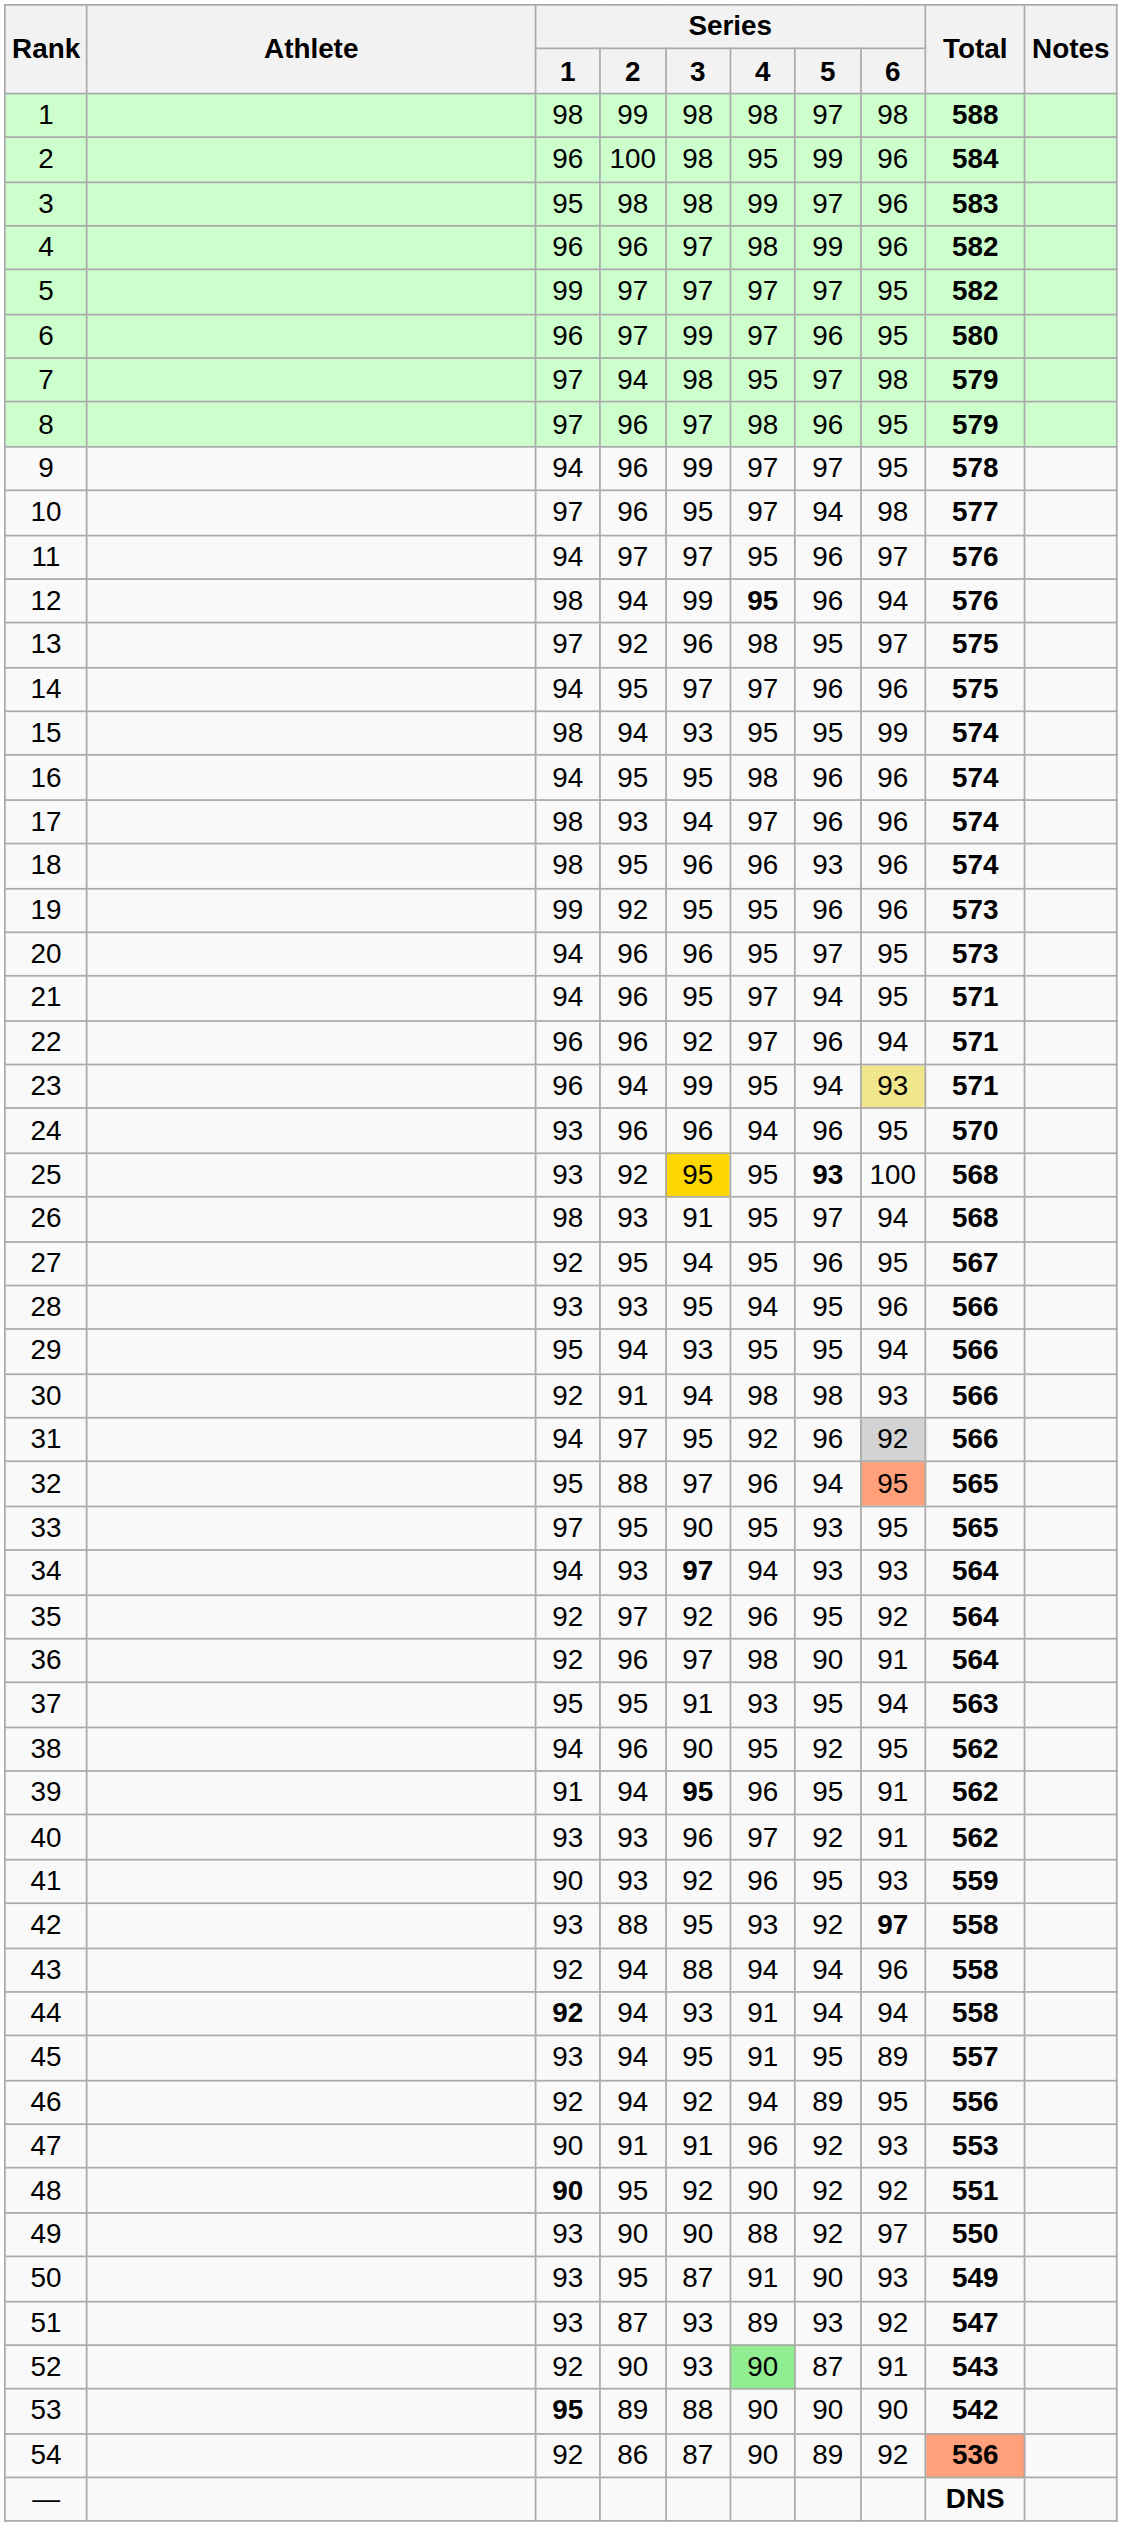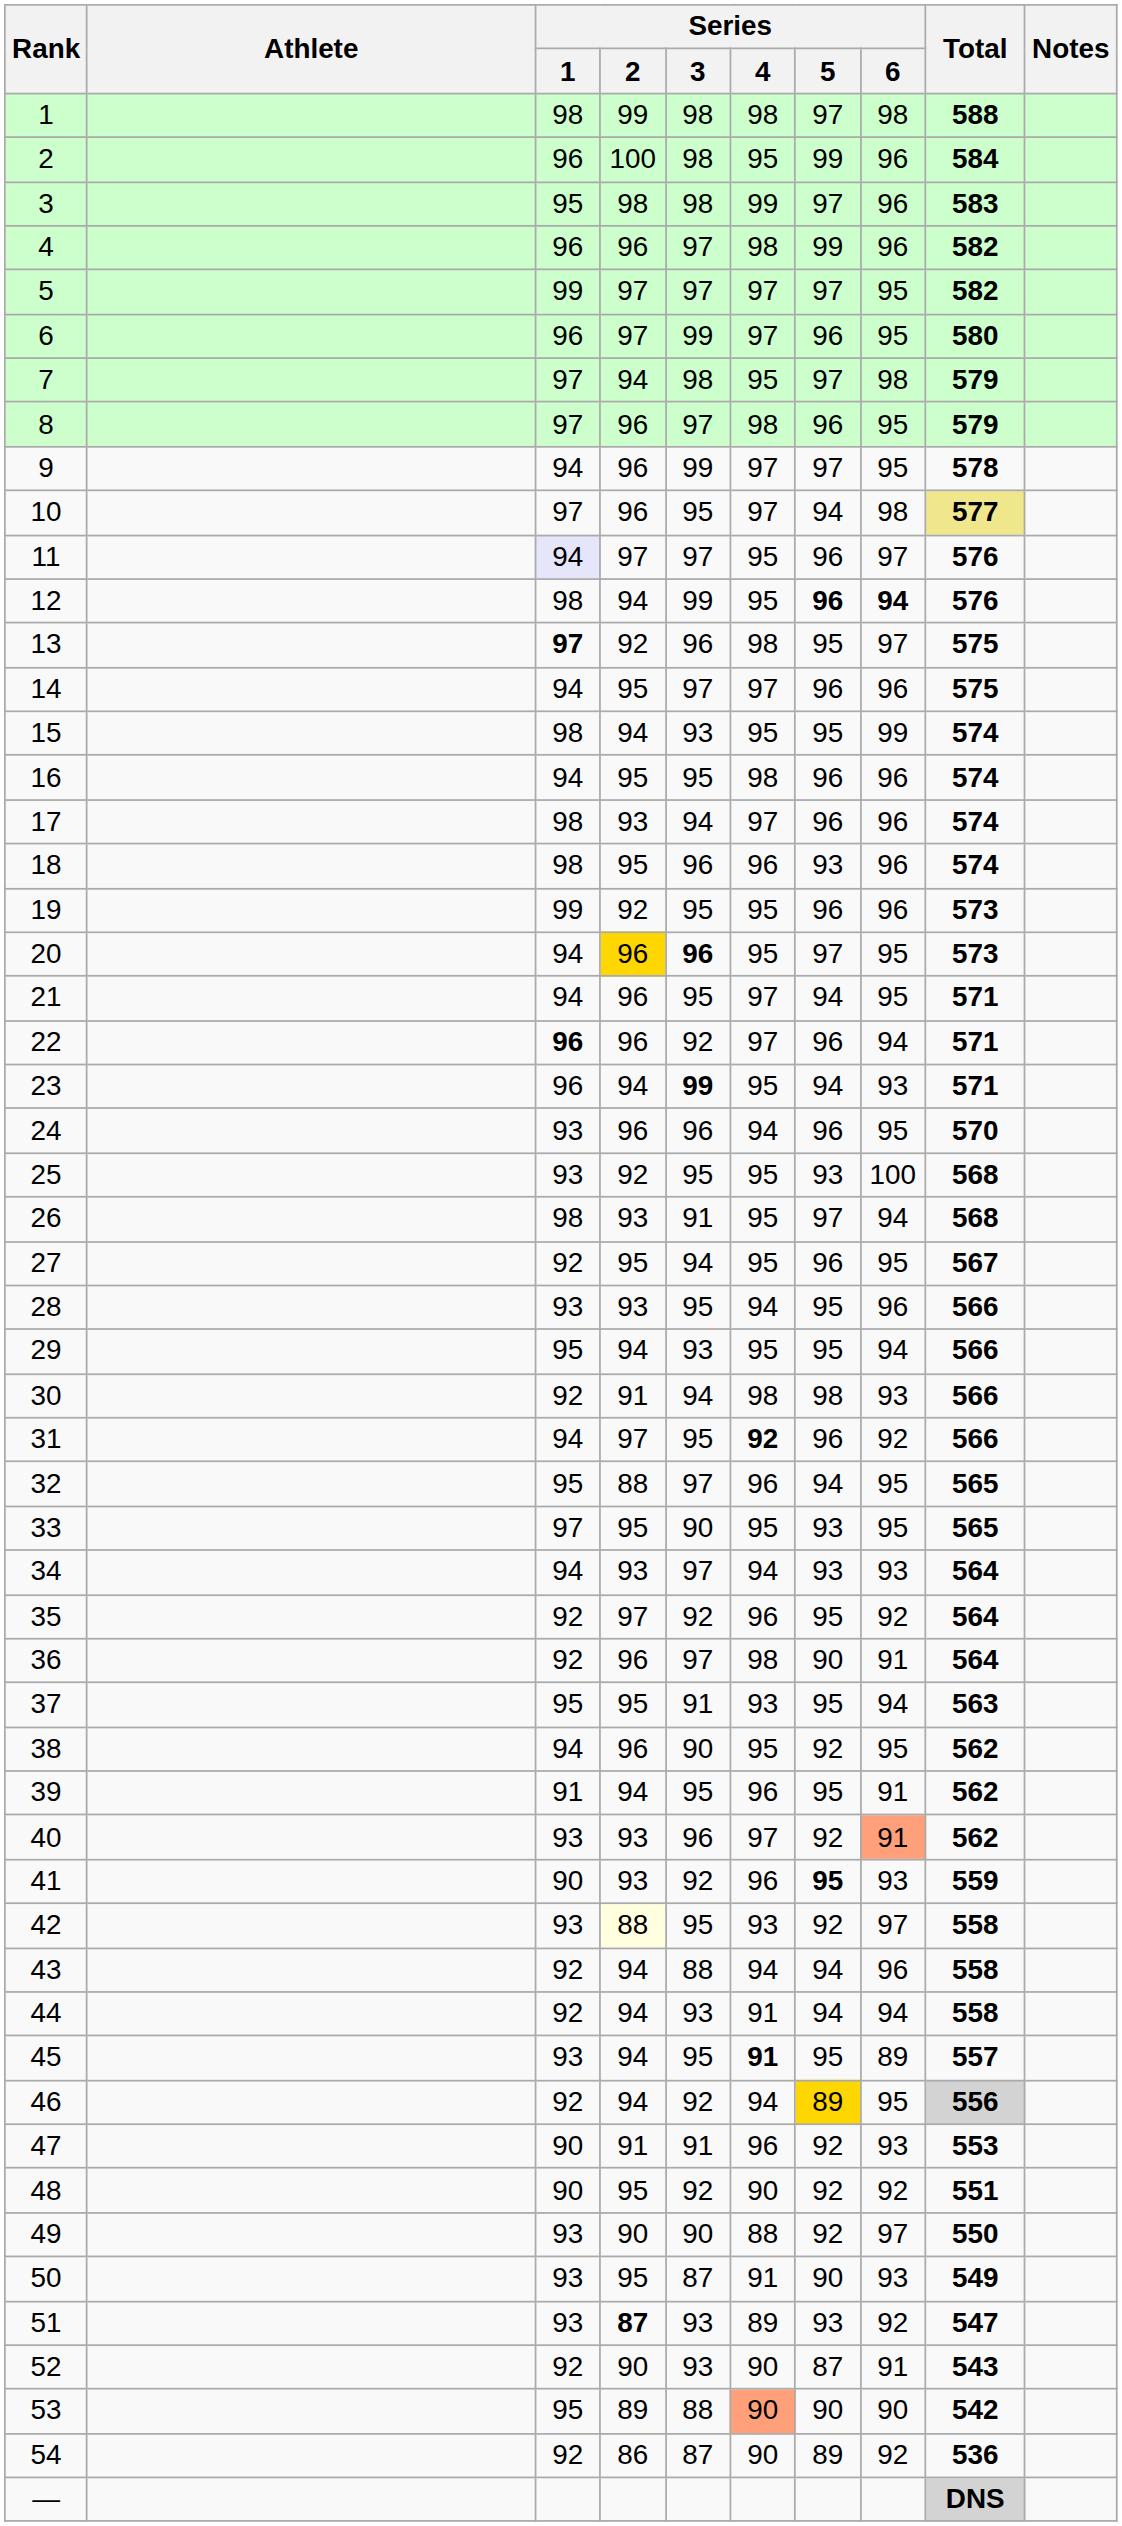 <table class="wikitable" style="text-align:center">
 <tr>
 <th rowspan=2 width=40>Rank</th>
 <th rowspan=2 width=250>Athlete</th>
 <th colspan=6>Series</th>
 <th rowspan=2 width=50>Total</th>
 <th rowspan=2 width=45>Notes</th>
 </tr>
 <tr>
 <th width=30>1</th>
 <th width=30>2</th>
 <th width=30>3</th>
 <th width=30>4</th>
 <th width=30>5</th>
 <th width=30>6</th>
 </tr>
 <tr bgcolor=ccffcc>
 <td>1</td>
 <td align=left></td>
 <td>98</td>
 <td>99</td>
 <td>98</td>
 <td>98</td>
 <td>97</td>
 <td>98</td>
 <td><strong>588</strong></td>
 <td></td>
 </tr>
 <tr bgcolor=ccffcc>
 <td>2</td>
 <td align=left></td>
 <td>96</td>
 <td>100</td>
 <td>98</td>
 <td>95</td>
 <td>99</td>
 <td>96</td>
 <td><strong>584</strong></td>
 <td></td>
 </tr>
 <tr bgcolor=ccffcc>
 <td>3</td>
 <td align=left></td>
 <td>95</td>
 <td>98</td>
 <td>98</td>
 <td>99</td>
 <td>97</td>
 <td>96</td>
 <td><strong>583</strong></td>
 <td></td>
 </tr>
 <tr bgcolor=ccffcc>
 <td>4</td>
 <td align=left></td>
 <td>96</td>
 <td>96</td>
 <td>97</td>
 <td>98</td>
 <td>99</td>
 <td>96</td>
 <td><strong>582</strong></td>
 <td></td>
 </tr>
 <tr bgcolor=ccffcc>
 <td>5</td>
 <td align=left></td>
 <td>99</td>
 <td>97</td>
 <td>97</td>
 <td>97</td>
 <td>97</td>
 <td>95</td>
 <td><strong>582</strong></td>
 <td></td>
 </tr>
 <tr bgcolor=ccffcc>
 <td>6</td>
 <td align=left></td>
 <td>96</td>
 <td>97</td>
 <td>99</td>
 <td>97</td>
 <td>96</td>
 <td>95</td>
 <td><strong>580</strong></td>
 <td></td>
 </tr>
 <tr bgcolor=ccffcc>
 <td>7</td>
 <td align=left></td>
 <td>97</td>
 <td>94</td>
 <td>98</td>
 <td>95</td>
 <td>97</td>
 <td>98</td>
 <td><strong>579</strong></td>
 <td></td>
 </tr>
 <tr bgcolor=ccffcc>
 <td>8</td>
 <td align=left></td>
 <td>97</td>
 <td>96</td>
 <td>97</td>
 <td>98</td>
 <td>96</td>
 <td>95</td>
 <td><strong>579</strong></td>
 <td></td>
 </tr>
 <tr>
 <td>9</td>
 <td align=left></td>
 <td>94</td>
 <td>96</td>
 <td>99</td>
 <td>97</td>
 <td>97</td>
 <td>95</td>
 <td><strong>578</strong></td>
 <td></td>
 </tr>
 <tr>
 <td>10</td>
 <td align=left></td>
 <td>97</td>
 <td>96</td>
 <td>95</td>
 <td>97</td>
 <td>94</td>
 <td>98</td>
-<td><strong>577</strong></td>
+<td style="background: khaki;"><strong>577</strong></td>
 <td></td>
 </tr>
 <tr>
 <td>11</td>
 <td align=left></td>
-<td>94</td>
+<td style="background: lavender;">94</td>
 <td>97</td>
 <td>97</td>
 <td>95</td>
 <td>96</td>
 <td>97</td>
 <td><strong>576</strong></td>
 <td></td>
 </tr>
 <tr>
 <td>12</td>
 <td align=left></td>
 <td>98</td>
 <td>94</td>
 <td>99</td>
-<td><strong>95</strong></td>
-<td>96</td>
-<td>94</td>
+<td>95</td>
+<td><strong>96</strong></td>
+<td><strong>94</strong></td>
 <td><strong>576</strong></td>
 <td></td>
 </tr>
 <tr>
 <td>13</td>
 <td align=left></td>
-<td>97</td>
+<td><strong>97</strong></td>
 <td>92</td>
 <td>96</td>
 <td>98</td>
 <td>95</td>
 <td>97</td>
 <td><strong>575</strong></td>
 <td></td>
 </tr>
 <tr>
 <td>14</td>
 <td align=left></td>
 <td>94</td>
 <td>95</td>
 <td>97</td>
 <td>97</td>
 <td>96</td>
 <td>96</td>
 <td><strong>575</strong></td>
 <td></td>
 </tr>
 <tr>
 <td>15</td>
 <td align=left></td>
 <td>98</td>
 <td>94</td>
 <td>93</td>
 <td>95</td>
 <td>95</td>
 <td>99</td>
 <td><strong>574</strong></td>
 <td></td>
 </tr>
 <tr>
 <td>16</td>
 <td align=left></td>
 <td>94</td>
 <td>95</td>
 <td>95</td>
 <td>98</td>
 <td>96</td>
 <td>96</td>
 <td><strong>574</strong></td>
 <td></td>
 </tr>
 <tr>
 <td>17</td>
 <td align=left></td>
 <td>98</td>
 <td>93</td>
 <td>94</td>
 <td>97</td>
 <td>96</td>
 <td>96</td>
 <td><strong>574</strong></td>
 <td></td>
 </tr>
 <tr>
 <td>18</td>
 <td align=left></td>
 <td>98</td>
 <td>95</td>
 <td>96</td>
 <td>96</td>
 <td>93</td>
 <td>96</td>
 <td><strong>574</strong></td>
 <td></td>
 </tr>
 <tr>
 <td>19</td>
 <td align=left></td>
 <td>99</td>
 <td>92</td>
 <td>95</td>
 <td>95</td>
 <td>96</td>
 <td>96</td>
 <td><strong>573</strong></td>
 <td></td>
 </tr>
 <tr>
 <td>20</td>
 <td align=left></td>
 <td>94</td>
-<td>96</td>
-<td>96</td>
+<td style="background: gold;">96</td>
+<td><strong>96</strong></td>
 <td>95</td>
 <td>97</td>
 <td>95</td>
 <td><strong>573</strong></td>
 <td></td>
 </tr>
 <tr>
 <td>21</td>
 <td align=left></td>
 <td>94</td>
 <td>96</td>
 <td>95</td>
 <td>97</td>
 <td>94</td>
 <td>95</td>
 <td><strong>571</strong></td>
 <td></td>
 </tr>
 <tr>
 <td>22</td>
 <td align=left></td>
-<td>96</td>
+<td><strong>96</strong></td>
 <td>96</td>
 <td>92</td>
 <td>97</td>
 <td>96</td>
 <td>94</td>
 <td><strong>571</strong></td>
 <td></td>
 </tr>
 <tr>
 <td>23</td>
 <td align=left></td>
 <td>96</td>
 <td>94</td>
-<td>99</td>
+<td><strong>99</strong></td>
 <td>95</td>
 <td>94</td>
-<td style="background: khaki;">93</td>
+<td>93</td>
 <td><strong>571</strong></td>
 <td></td>
 </tr>
 <tr>
 <td>24</td>
 <td align=left></td>
 <td>93</td>
 <td>96</td>
 <td>96</td>
 <td>94</td>
 <td>96</td>
 <td>95</td>
 <td><strong>570</strong></td>
 <td></td>
 </tr>
 <tr>
 <td>25</td>
 <td align=left></td>
 <td>93</td>
 <td>92</td>
-<td style="background: gold;">95</td>
 <td>95</td>
-<td><strong>93</strong></td>
+<td>95</td>
+<td>93</td>
 <td>100</td>
 <td><strong>568</strong></td>
 <td></td>
 </tr>
 <tr>
 <td>26</td>
 <td align=left></td>
 <td>98</td>
 <td>93</td>
 <td>91</td>
 <td>95</td>
 <td>97</td>
 <td>94</td>
 <td><strong>568</strong></td>
 <td></td>
 </tr>
 <tr>
 <td>27</td>
 <td align=left></td>
 <td>92</td>
 <td>95</td>
 <td>94</td>
 <td>95</td>
 <td>96</td>
 <td>95</td>
 <td><strong>567</strong></td>
 <td></td>
 </tr>
 <tr>
 <td>28</td>
 <td align=left></td>
 <td>93</td>
 <td>93</td>
 <td>95</td>
 <td>94</td>
 <td>95</td>
 <td>96</td>
 <td><strong>566</strong></td>
 <td></td>
 </tr>
 <tr>
 <td>29</td>
 <td align=left></td>
 <td>95</td>
 <td>94</td>
 <td>93</td>
 <td>95</td>
 <td>95</td>
 <td>94</td>
 <td><strong>566</strong></td>
 <td></td>
 </tr>
 <tr>
 <td>30</td>
 <td align=left></td>
 <td>92</td>
 <td>91</td>
 <td>94</td>
 <td>98</td>
 <td>98</td>
 <td>93</td>
 <td><strong>566</strong></td>
 <td></td>
 </tr>
 <tr>
 <td>31</td>
 <td align=left></td>
 <td>94</td>
 <td>97</td>
 <td>95</td>
+<td><strong>92</strong></td>
+<td>96</td>
 <td>92</td>
-<td>96</td>
-<td style="background: lightgrey;">92</td>
 <td><strong>566</strong></td>
 <td></td>
 </tr>
 <tr>
 <td>32</td>
 <td align=left></td>
 <td>95</td>
 <td>88</td>
 <td>97</td>
 <td>96</td>
 <td>94</td>
-<td style="background: lightsalmon;">95</td>
+<td>95</td>
 <td><strong>565</strong></td>
 <td></td>
 </tr>
 <tr>
 <td>33</td>
 <td align=left></td>
 <td>97</td>
 <td>95</td>
 <td>90</td>
 <td>95</td>
 <td>93</td>
 <td>95</td>
 <td><strong>565</strong></td>
 <td></td>
 </tr>
 <tr>
 <td>34</td>
 <td align=left></td>
 <td>94</td>
 <td>93</td>
-<td><strong>97</strong></td>
+<td>97</td>
 <td>94</td>
 <td>93</td>
 <td>93</td>
 <td><strong>564</strong></td>
 <td></td>
 </tr>
 <tr>
 <td>35</td>
 <td align=left></td>
 <td>92</td>
 <td>97</td>
 <td>92</td>
 <td>96</td>
 <td>95</td>
 <td>92</td>
 <td><strong>564</strong></td>
 <td></td>
 </tr>
 <tr>
 <td>36</td>
 <td align=left></td>
 <td>92</td>
 <td>96</td>
 <td>97</td>
 <td>98</td>
 <td>90</td>
 <td>91</td>
 <td><strong>564</strong></td>
 <td></td>
 </tr>
 <tr>
 <td>37</td>
 <td align=left></td>
 <td>95</td>
 <td>95</td>
 <td>91</td>
 <td>93</td>
 <td>95</td>
 <td>94</td>
 <td><strong>563</strong></td>
 <td></td>
 </tr>
 <tr>
 <td>38</td>
 <td align=left></td>
 <td>94</td>
 <td>96</td>
 <td>90</td>
 <td>95</td>
 <td>92</td>
 <td>95</td>
 <td><strong>562</strong></td>
 <td></td>
 </tr>
 <tr>
 <td>39</td>
 <td align=left></td>
 <td>91</td>
 <td>94</td>
-<td><strong>95</strong></td>
+<td>95</td>
 <td>96</td>
 <td>95</td>
 <td>91</td>
 <td><strong>562</strong></td>
 <td></td>
 </tr>
 <tr>
 <td>40</td>
 <td align=left></td>
 <td>93</td>
 <td>93</td>
 <td>96</td>
 <td>97</td>
 <td>92</td>
-<td>91</td>
+<td style="background: lightsalmon;">91</td>
 <td><strong>562</strong></td>
 <td></td>
 </tr>
 <tr>
 <td>41</td>
 <td align=left></td>
 <td>90</td>
 <td>93</td>
 <td>92</td>
 <td>96</td>
-<td>95</td>
+<td><strong>95</strong></td>
 <td>93</td>
 <td><strong>559</strong></td>
 <td></td>
 </tr>
 <tr>
 <td>42</td>
 <td align=left></td>
 <td>93</td>
-<td>88</td>
+<td style="background: lightyellow;">88</td>
 <td>95</td>
 <td>93</td>
 <td>92</td>
-<td><strong>97</strong></td>
+<td>97</td>
 <td><strong>558</strong></td>
 <td></td>
 </tr>
 <tr>
 <td>43</td>
 <td align=left></td>
 <td>92</td>
 <td>94</td>
 <td>88</td>
 <td>94</td>
 <td>94</td>
 <td>96</td>
 <td><strong>558</strong></td>
 <td></td>
 </tr>
 <tr>
 <td>44</td>
 <td align=left></td>
-<td><strong>92</strong></td>
+<td>92</td>
 <td>94</td>
 <td>93</td>
 <td>91</td>
 <td>94</td>
 <td>94</td>
 <td><strong>558</strong></td>
 <td></td>
 </tr>
 <tr>
 <td>45</td>
 <td align=left></td>
 <td>93</td>
 <td>94</td>
 <td>95</td>
-<td>91</td>
+<td><strong>91</strong></td>
 <td>95</td>
 <td>89</td>
 <td><strong>557</strong></td>
 <td></td>
 </tr>
 <tr>
 <td>46</td>
 <td align=left></td>
 <td>92</td>
 <td>94</td>
 <td>92</td>
 <td>94</td>
-<td>89</td>
+<td style="background: gold;">89</td>
 <td>95</td>
-<td><strong>556</strong></td>
+<td style="background: lightgrey;"><strong>556</strong></td>
 <td></td>
 </tr>
 <tr>
 <td>47</td>
 <td align=left></td>
 <td>90</td>
 <td>91</td>
 <td>91</td>
 <td>96</td>
 <td>92</td>
 <td>93</td>
 <td><strong>553</strong></td>
 <td></td>
 </tr>
 <tr>
 <td>48</td>
 <td align=left></td>
-<td><strong>90</strong></td>
+<td>90</td>
 <td>95</td>
 <td>92</td>
 <td>90</td>
 <td>92</td>
 <td>92</td>
 <td><strong>551</strong></td>
 <td></td>
 </tr>
 <tr>
 <td>49</td>
 <td align=left></td>
 <td>93</td>
 <td>90</td>
 <td>90</td>
 <td>88</td>
 <td>92</td>
 <td>97</td>
 <td><strong>550</strong></td>
 <td></td>
 </tr>
 <tr>
 <td>50</td>
 <td align=left></td>
 <td>93</td>
 <td>95</td>
 <td>87</td>
 <td>91</td>
 <td>90</td>
 <td>93</td>
 <td><strong>549</strong></td>
 <td></td>
 </tr>
 <tr>
 <td>51</td>
 <td align=left></td>
 <td>93</td>
-<td>87</td>
+<td><strong>87</strong></td>
 <td>93</td>
 <td>89</td>
 <td>93</td>
 <td>92</td>
 <td><strong>547</strong></td>
 <td></td>
 </tr>
 <tr>
 <td>52</td>
 <td align=left></td>
 <td>92</td>
 <td>90</td>
 <td>93</td>
-<td style="background: lightgreen;">90</td>
+<td>90</td>
 <td>87</td>
 <td>91</td>
 <td><strong>543</strong></td>
 <td></td>
 </tr>
 <tr>
 <td>53</td>
 <td align=left></td>
-<td><strong>95</strong></td>
+<td>95</td>
 <td>89</td>
 <td>88</td>
-<td>90</td>
+<td style="background: lightsalmon;">90</td>
 <td>90</td>
 <td>90</td>
 <td><strong>542</strong></td>
 <td></td>
 </tr>
 <tr>
 <td>54</td>
 <td align=left></td>
 <td>92</td>
 <td>86</td>
 <td>87</td>
 <td>90</td>
 <td>89</td>
 <td>92</td>
-<td style="background: lightsalmon;"><strong>536</strong></td>
+<td><strong>536</strong></td>
 <td></td>
 </tr>
 <tr>
 <td>—</td>
 <td align=left></td>
 <td></td>
 <td></td>
 <td></td>
 <td></td>
 <td></td>
 <td></td>
-<td><strong>DNS</strong></td>
+<td style="background: lightgrey;"><strong>DNS</strong></td>
 <td></td>
 </tr>
 </table>
